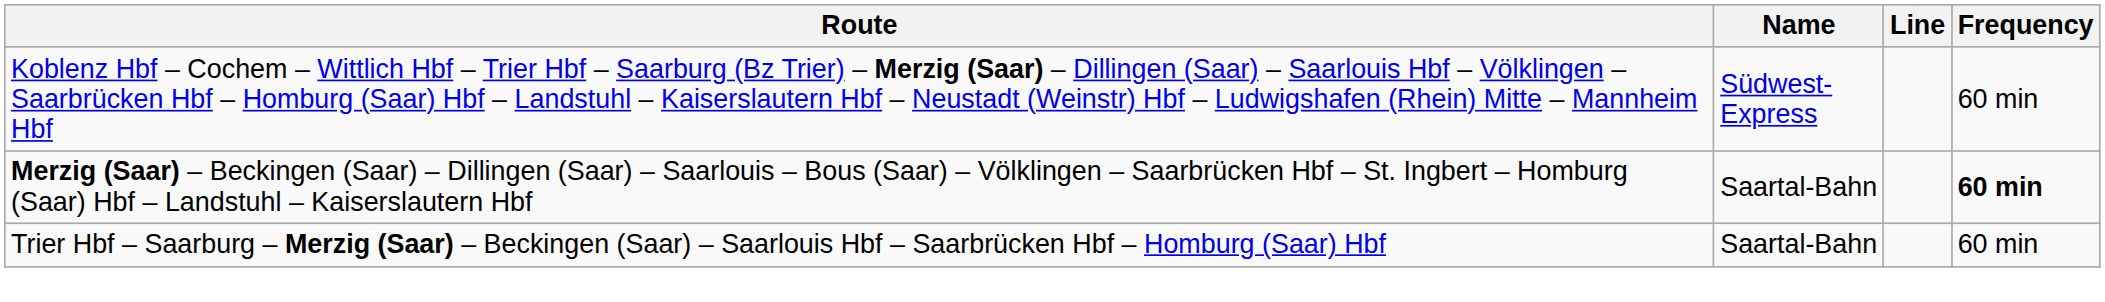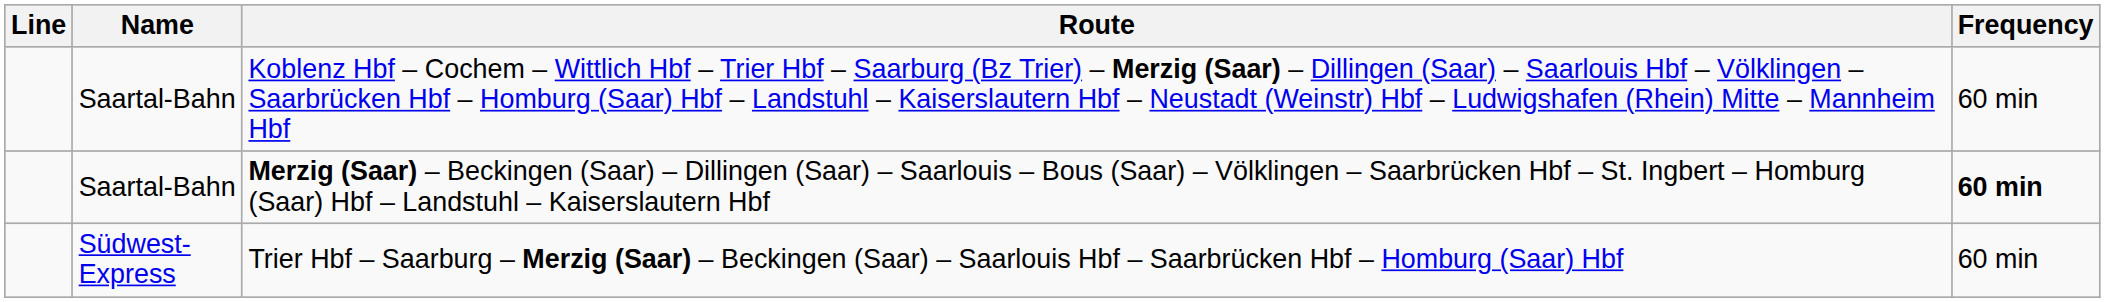 <table class="wikitable">
 <tr>
+<th>Line</th>
+<th>Name</th>
 <th>Route</th>
-<th>Name</th>
-<th>Line</th>
 <th>Frequency</th>
 </tr>
 <tr>
+<td></td>
+<td>Saartal-Bahn</td>
 <td><a href='#'>Koblenz Hbf</a> – Cochem – <a href='#'>Wittlich Hbf</a> – <a href='#'>Trier Hbf</a> – <a href='#'>Saarburg (Bz Trier)</a> – <strong>Merzig (Saar)</strong> – <a href='#'>Dillingen (Saar)</a> – <a href='#'>Saarlouis Hbf</a> – <a href='#'>Völklingen</a> – <a href='#'>Saarbrücken Hbf</a> – <a href='#'>Homburg (Saar) Hbf</a> – <a href='#'>Landstuhl</a> – <a href='#'>Kaiserslautern Hbf</a> – <a href='#'>Neustadt (Weinstr) Hbf</a> – <a href='#'>Ludwigshafen (Rhein) Mitte</a> – <a href='#'>Mannheim Hbf</a></td>
-<td><a href='#'>Südwest-Express</a></td>
-<td></td>
 <td>60 min</td>
 </tr>
 <tr>
+<td></td>
+<td>Saartal-Bahn</td>
 <td><strong>Merzig (Saar)</strong> – Beckingen (Saar) – Dillingen (Saar) – Saarlouis – Bous (Saar) – Völklingen – Saarbrücken Hbf – St. Ingbert – Homburg (Saar) Hbf – Landstuhl – Kaiserslautern Hbf</td>
-<td>Saartal-Bahn</td>
-<td></td>
 <td><strong>60 min</strong></td>
 </tr>
 <tr>
+<td></td>
+<td><a href='#'>Südwest-Express</a></td>
 <td>Trier Hbf – Saarburg – <strong>Merzig (Saar)</strong> – Beckingen (Saar) – Saarlouis Hbf – Saarbrücken Hbf – <a href='#'>Homburg (Saar) Hbf</a></td>
-<td>Saartal-Bahn</td>
-<td></td>
 <td>60 min</td>
 </tr>
 </table>
